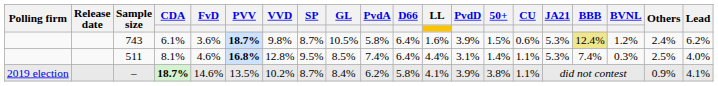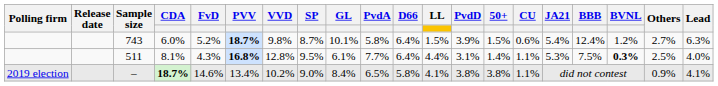 <table class="wikitable sortable tpl-blanktable" style="text-align:center;font-size:90%;line-height:14px;">
 <tr>
 <th rowspan="2">Polling firm</th>
 <th rowspan="2">Release<br>date</th>
 <th rowspan="2">Sample<br>size</th>
 <th class="unsortable" style="width:30px;"><a href='#'>CDA</a></th>
 <th class="unsortable" style="width:30px;"><a href='#'>FvD</a></th>
 <th class="unsortable" style="width:30px;"><a href='#'>PVV</a></th>
 <th class="unsortable" style="width:30px;"><a href='#'>VVD</a></th>
 <th class="unsortable" style="width:30px;"><a href='#'>SP</a></th>
 <th class="unsortable" style="width:30px;"><a href='#'>GL</a></th>
 <th class="unsortable" style="width:30px;"><a href='#'>PvdA</a></th>
 <th class="unsortable" style="width:30px;"><a href='#'>D66</a></th>
 <th class="unsortable" style="width:30px;">LL </th>
 <th class="unsortable" style="width:30px;"><a href='#'>PvdD</a></th>
 <th class="unsortable" style="width:30px;"><a href='#'>50+</a></th>
 <th class="unsortable" style="width:30px;"><a href='#'>CU</a></th>
 <th class="unsortable" style="width:30px;"><a href='#'>JA21</a></th>
 <th class="unsortable" style="width:30px;"><a href='#'>BBB</a></th>
 <th class="unsortable" style="width:30px;"><a href='#'>BVNL</a></th>
 <th class="unsortable" style="width:30px;" rowspan="2">Others</th>
 <th rowspan="2">Lead</th>
 </tr>
 <tr>
 <th data-sort-type="number" style="background:"></th>
 <th data-sort-type="number" style="background:"></th>
 <th data-sort-type="number" style="background:"></th>
 <th data-sort-type="number" style="background:"></th>
 <th data-sort-type="number" style="background:"></th>
 <th data-sort-type="number" style="background:"></th>
 <th data-sort-type="number" style="background:"></th>
 <th data-sort-type="number" style="background:"></th>
 <th data-sort-type="number" style="background:#fbc400;"></th>
 <th data-sort-type="number" style="background:"></th>
 <th data-sort-type="number" style="background:"></th>
 <th data-sort-type="number" style="background:"></th>
 <th data-sort-type="number" style="background:"></th>
 <th data-sort-type="number" style="background:"></th>
 <th data-sort-type="number" style="background:"></th>
 </tr>
 <tr>
 <td></td>
 <td></td>
 <td>743</td>
-<td>6.1%</td>
-<td>3.6%</td>
+<td>6.0%</td>
+<td>5.2%</td>
 <td style="background:#CDE2FE;"><strong>18.7%</strong></td>
 <td>9.8%</td>
 <td>8.7%</td>
-<td>10.5%</td>
+<td>10.1%</td>
 <td>5.8%</td>
 <td>6.4%</td>
-<td>1.6%</td>
+<td>1.5%</td>
 <td>3.9%</td>
 <td>1.5%</td>
 <td>0.6%</td>
-<td>5.3%</td>
-<td style="background: khaki;">12.4%</td>
+<td>5.4%</td>
+<td>12.4%</td>
 <td>1.2%</td>
-<td>2.4%</td>
-<td style="background:">6.2%</td>
+<td>2.7%</td>
+<td style="background:">6.3%</td>
 </tr>
 <tr>
 <td></td>
 <td></td>
 <td>511</td>
 <td>8.1%</td>
-<td>4.6%</td>
+<td>4.3%</td>
 <td style="background:#CDE2FE;"><strong>16.8%</strong></td>
 <td>12.8%</td>
 <td>9.5%</td>
-<td>8.5%</td>
-<td>7.4%</td>
+<td>6.1%</td>
+<td>7.7%</td>
 <td>6.4%</td>
 <td>4.4%</td>
 <td>3.1%</td>
 <td>1.4%</td>
 <td>1.1%</td>
 <td>5.3%</td>
-<td>7.4%</td>
-<td>0.3%</td>
+<td>7.5%</td>
+<td><strong>0.3%</strong></td>
 <td>2.5%</td>
 <td style="background:">4.0%</td>
 </tr>
 <tr style="background:#E9E9E9;">
 <td><a href='#'>2019 election</a></td>
 <td></td>
 <td>–</td>
 <td style="background:#D3F2D0;"><strong>18.7%</strong></td>
 <td>14.6%</td>
-<td>13.5%</td>
+<td>13.4%</td>
 <td>10.2%</td>
-<td>8.7%</td>
+<td>9.0%</td>
 <td>8.4%</td>
-<td>6.2%</td>
+<td>6.5%</td>
 <td>5.8%</td>
 <td>4.1%</td>
-<td>3.9%</td>
+<td>3.8%</td>
 <td>3.8%</td>
 <td>1.1%</td>
 <td colspan=3><em>did not contest</em></td>
 <td>0.9%</td>
 <td style="background:">4.1%</td>
 </tr>
 </table>
